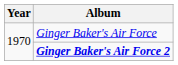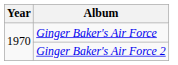 <table class="wikitable">
 <tr>
 <th>Year</th>
 <th>Album</th>
 </tr>
 <tr>
 <td rowspan="2">1970</td>
 <td><em><a href='#'>Ginger Baker's Air Force</a></em></td>
 </tr>
 <tr>
-<td><strong><em><a href='#'>Ginger Baker's Air Force 2</a></em></strong></td>
+<td><em><a href='#'>Ginger Baker's Air Force 2</a></em></td>
 </tr>
 </table>
